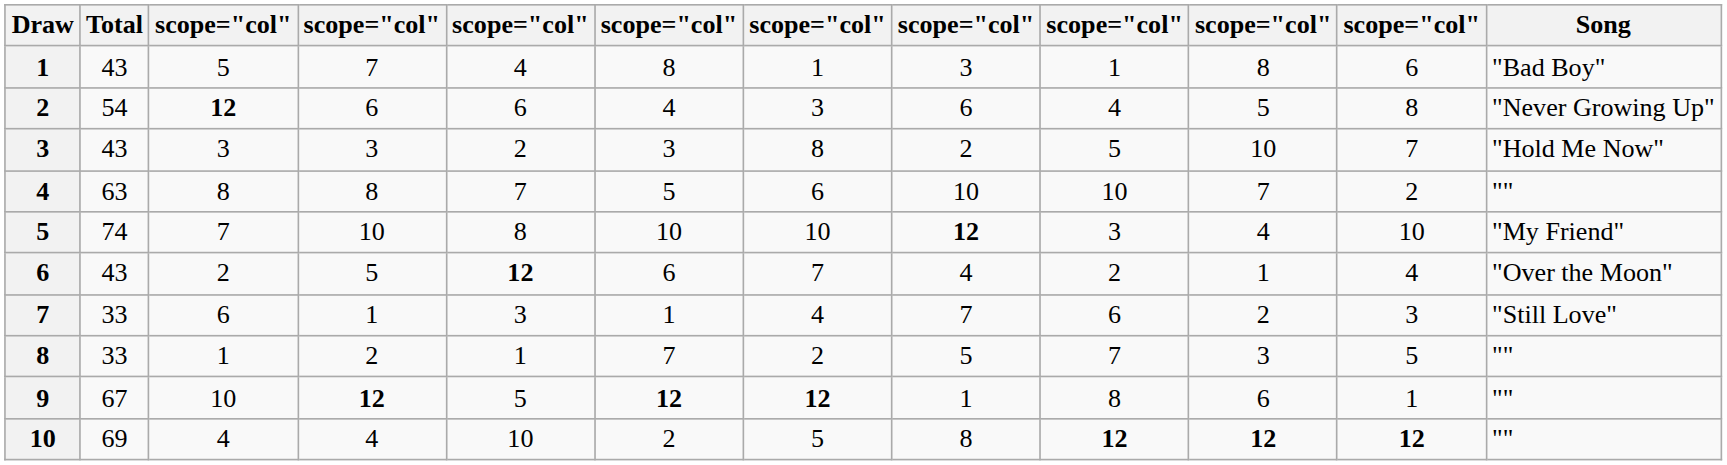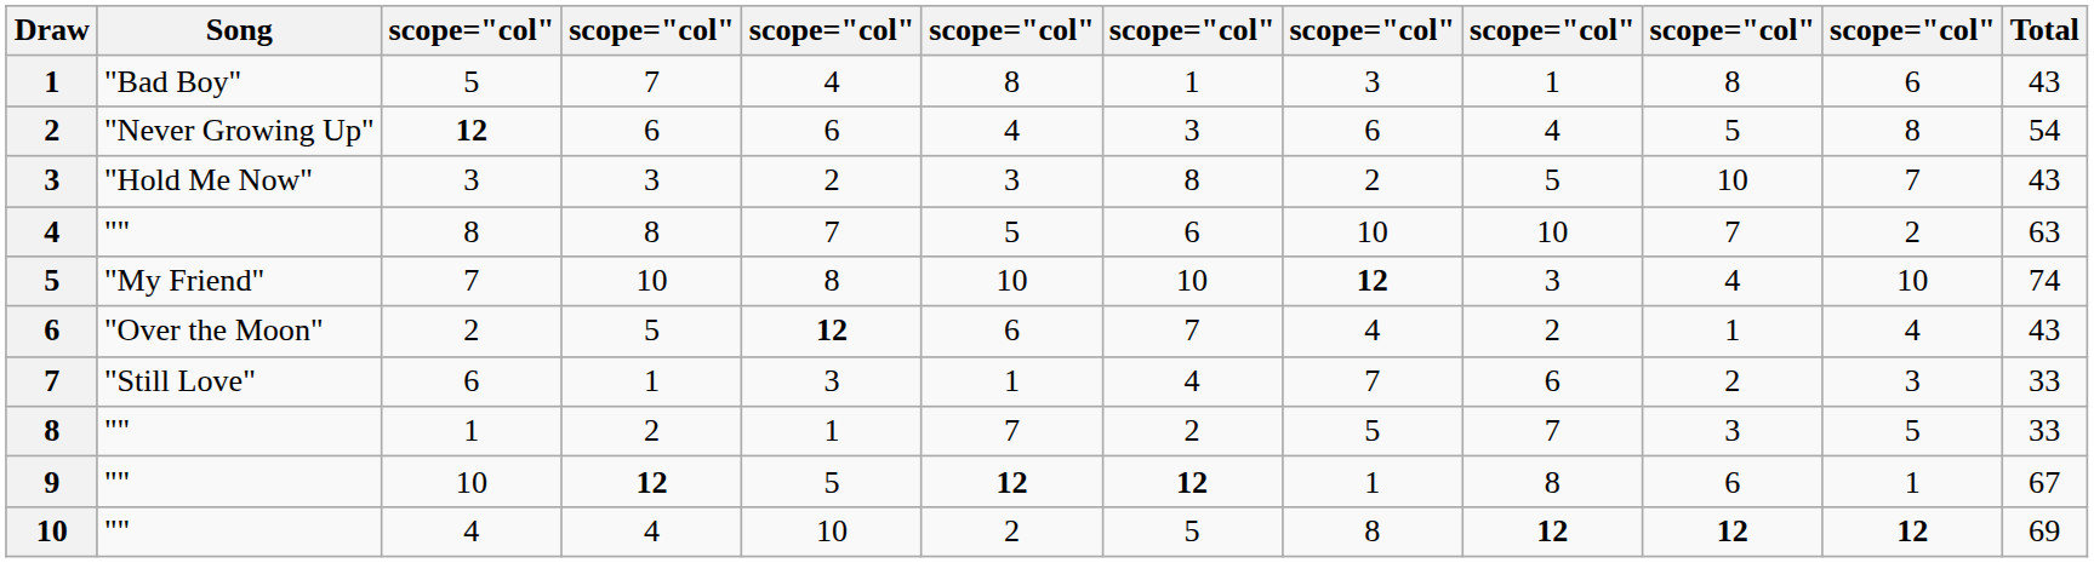 <table class="wikitable plainrowheaders collapsible" style="margin: 1em auto 1em auto; text-align:center;">
 <tr>
 <th>Draw</th>
-<th>Total</th>
+<th>Song</th>
 <th>scope="col" </th>
 <th>scope="col" </th>
 <th>scope="col" </th>
 <th>scope="col" </th>
 <th>scope="col" </th>
 <th>scope="col" </th>
 <th>scope="col" </th>
 <th>scope="col" </th>
 <th>scope="col" </th>
-<th>Song</th>
+<th>Total</th>
 </tr>
 <tr>
 <th scope="row" style="text-align:center;">1</th>
-<td>43</td>
+<td align="left">"Bad Boy"</td>
 <td>5</td>
 <td>7</td>
 <td>4</td>
 <td>8</td>
 <td>1</td>
 <td>3</td>
 <td>1</td>
 <td>8</td>
 <td>6</td>
-<td align="left">"Bad Boy"</td>
+<td>43</td>
 </tr>
 <tr>
 <th scope="row" style="text-align:center;">2</th>
-<td>54</td>
+<td align="left">"Never Growing Up"</td>
 <td><strong>12</strong></td>
 <td>6</td>
 <td>6</td>
 <td>4</td>
 <td>3</td>
 <td>6</td>
 <td>4</td>
 <td>5</td>
 <td>8</td>
-<td align="left">"Never Growing Up"</td>
+<td>54</td>
 </tr>
 <tr>
 <th scope="row" style="text-align:center;">3</th>
-<td>43</td>
+<td align="left">"Hold Me Now"</td>
 <td>3</td>
 <td>3</td>
 <td>2</td>
 <td>3</td>
 <td>8</td>
 <td>2</td>
 <td>5</td>
 <td>10</td>
 <td>7</td>
-<td align="left">"Hold Me Now"</td>
+<td>43</td>
 </tr>
 <tr>
 <th scope="row" style="text-align:center;">4</th>
-<td>63</td>
+<td align="left">""</td>
 <td>8</td>
 <td>8</td>
 <td>7</td>
 <td>5</td>
 <td>6</td>
 <td>10</td>
 <td>10</td>
 <td>7</td>
 <td>2</td>
-<td align="left">""</td>
+<td>63</td>
 </tr>
 <tr>
 <th scope="row" style="text-align:center;">5</th>
-<td>74</td>
+<td align="left">"My Friend"</td>
 <td>7</td>
 <td>10</td>
 <td>8</td>
 <td>10</td>
 <td>10</td>
 <td><strong>12</strong></td>
 <td>3</td>
 <td>4</td>
 <td>10</td>
-<td align="left">"My Friend"</td>
+<td>74</td>
 </tr>
 <tr>
 <th scope="row" style="text-align:center;">6</th>
-<td>43</td>
+<td align="left">"Over the Moon"</td>
 <td>2</td>
 <td>5</td>
 <td><strong>12</strong></td>
 <td>6</td>
 <td>7</td>
 <td>4</td>
 <td>2</td>
 <td>1</td>
 <td>4</td>
-<td align="left">"Over the Moon"</td>
+<td>43</td>
 </tr>
 <tr>
 <th scope="row" style="text-align:center;">7</th>
-<td>33</td>
+<td align="left">"Still Love"</td>
 <td>6</td>
 <td>1</td>
 <td>3</td>
 <td>1</td>
 <td>4</td>
 <td>7</td>
 <td>6</td>
 <td>2</td>
 <td>3</td>
-<td align="left">"Still Love"</td>
+<td>33</td>
 </tr>
 <tr>
 <th scope="row" style="text-align:center;">8</th>
-<td>33</td>
+<td align="left">""</td>
 <td>1</td>
 <td>2</td>
 <td>1</td>
 <td>7</td>
 <td>2</td>
 <td>5</td>
 <td>7</td>
 <td>3</td>
 <td>5</td>
-<td align="left">""</td>
+<td>33</td>
 </tr>
 <tr>
 <th scope="row" style="text-align:center;">9</th>
-<td>67</td>
+<td align="left">""</td>
 <td>10</td>
 <td><strong>12</strong></td>
 <td>5</td>
 <td><strong>12</strong></td>
 <td><strong>12</strong></td>
 <td>1</td>
 <td>8</td>
 <td>6</td>
 <td>1</td>
-<td align="left">""</td>
+<td>67</td>
 </tr>
 <tr>
 <th scope="row" style="text-align:center;">10</th>
-<td>69</td>
+<td align="left">""</td>
 <td>4</td>
 <td>4</td>
 <td>10</td>
 <td>2</td>
 <td>5</td>
 <td>8</td>
 <td><strong>12</strong></td>
 <td><strong>12</strong></td>
 <td><strong>12</strong></td>
-<td align="left">""</td>
+<td>69</td>
 </tr>
 </table>
